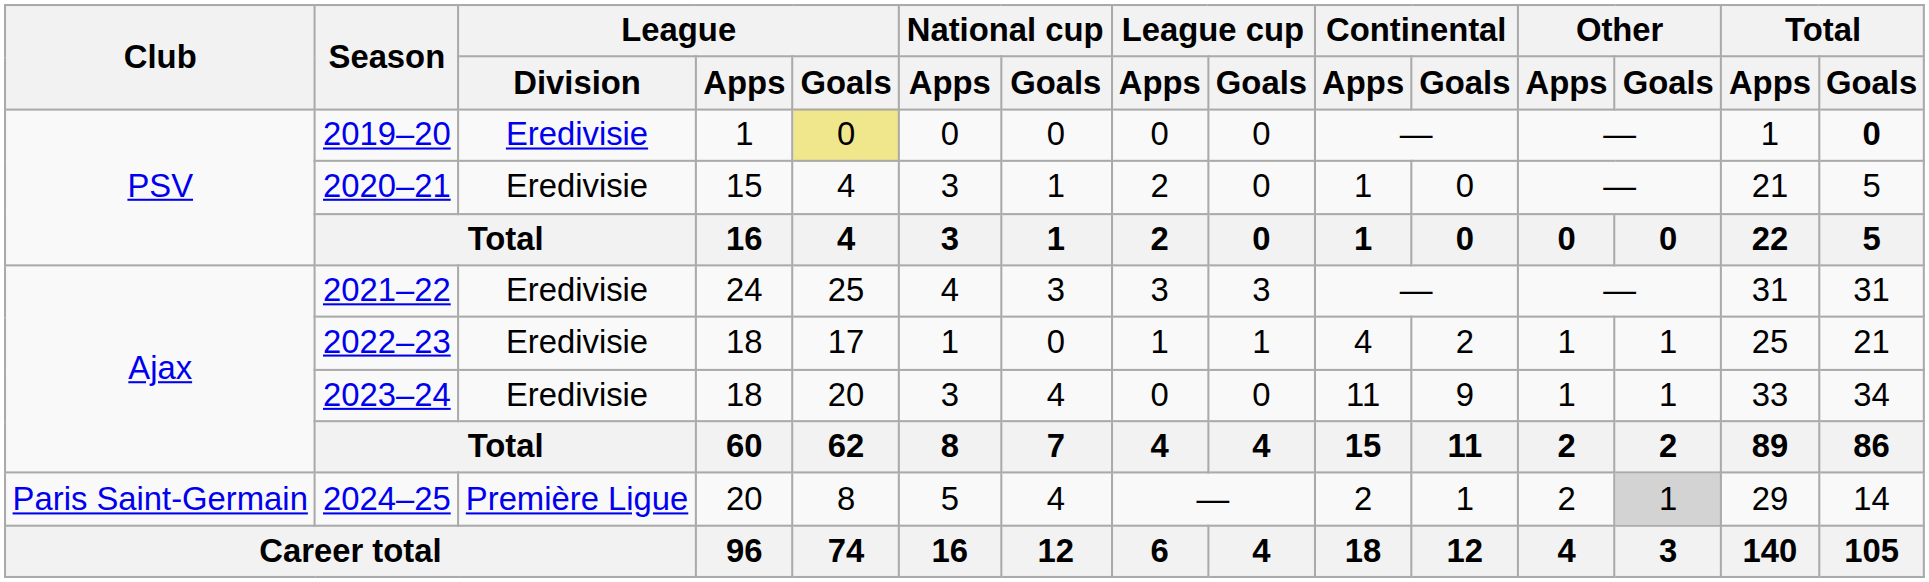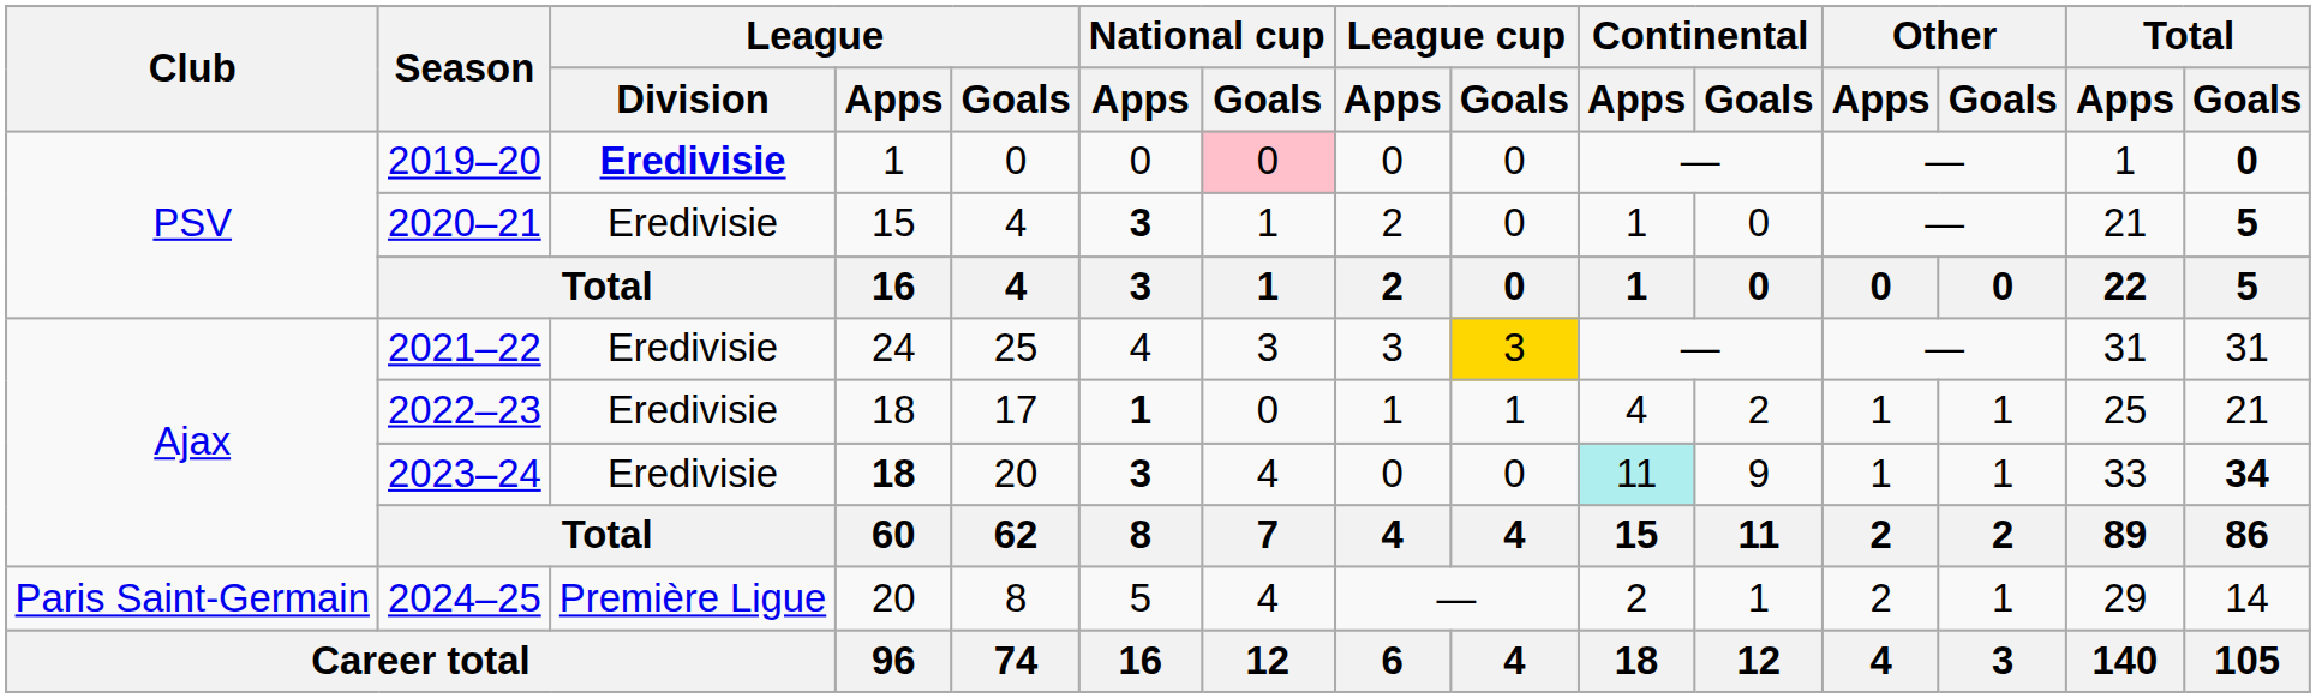 <table class="wikitable" Style="text-align: center">
 <tr>
 <th rowspan="2">Club</th>
 <th rowspan="2">Season</th>
 <th colspan="3">League</th>
 <th colspan="2">National cup</th>
 <th colspan="2">League cup</th>
 <th colspan="2">Continental</th>
 <th colspan="2">Other</th>
 <th colspan="2">Total</th>
 </tr>
 <tr>
 <th>Division</th>
 <th>Apps</th>
 <th>Goals</th>
 <th>Apps</th>
 <th>Goals</th>
 <th>Apps</th>
 <th>Goals</th>
 <th>Apps</th>
 <th>Goals</th>
 <th>Apps</th>
 <th>Goals</th>
 <th>Apps</th>
 <th>Goals</th>
 </tr>
 <tr>
 <td rowspan="3"><a href='#'>PSV</a></td>
 <td><a href='#'>2019–20</a></td>
-<td><a href='#'>Eredivisie</a></td>
+<td><strong><a href='#'>Eredivisie</a></strong></td>
 <td>1</td>
-<td style="background: khaki;">0</td>
 <td>0</td>
 <td>0</td>
+<td style="background: pink;">0</td>
 <td>0</td>
 <td>0</td>
 <td colspan="2">—</td>
 <td colspan="2">—</td>
 <td>1</td>
 <td><strong>0</strong></td>
 </tr>
 <tr>
 <td><a href='#'>2020–21</a></td>
 <td>Eredivisie</td>
 <td>15</td>
 <td>4</td>
-<td>3</td>
+<td><strong>3</strong></td>
 <td>1</td>
 <td>2</td>
 <td>0</td>
 <td>1</td>
 <td>0</td>
 <td colspan="2">—</td>
 <td>21</td>
-<td>5</td>
+<td><strong>5</strong></td>
 </tr>
 <tr>
 <th colspan="2">Total</th>
 <th>16</th>
 <th>4</th>
 <th>3</th>
 <th>1</th>
 <th>2</th>
 <th>0</th>
 <th>1</th>
 <th>0</th>
 <th>0</th>
 <th>0</th>
 <th>22</th>
 <th>5</th>
 </tr>
 <tr>
 <td rowspan="4"><a href='#'>Ajax</a></td>
 <td><a href='#'>2021–22</a></td>
 <td>Eredivisie</td>
 <td>24</td>
 <td>25</td>
 <td>4</td>
 <td>3</td>
 <td>3</td>
-<td>3</td>
+<td style="background: gold;">3</td>
 <td colspan="2">—</td>
 <td colspan="2">—</td>
 <td>31</td>
 <td>31</td>
 </tr>
 <tr>
 <td><a href='#'>2022–23</a></td>
 <td>Eredivisie</td>
 <td>18</td>
 <td>17</td>
-<td>1</td>
+<td><strong>1</strong></td>
 <td>0</td>
 <td>1</td>
 <td>1</td>
 <td>4</td>
 <td>2</td>
 <td>1</td>
 <td>1</td>
 <td>25</td>
 <td>21</td>
 </tr>
 <tr>
 <td><a href='#'>2023–24</a></td>
 <td>Eredivisie</td>
-<td>18</td>
+<td><strong>18</strong></td>
 <td>20</td>
-<td>3</td>
+<td><strong>3</strong></td>
 <td>4</td>
 <td>0</td>
 <td>0</td>
-<td>11</td>
+<td style="background: paleturquoise;">11</td>
 <td>9</td>
 <td>1</td>
 <td>1</td>
 <td>33</td>
-<td>34</td>
+<td><strong>34</strong></td>
 </tr>
 <tr>
 <th colspan="2">Total</th>
 <th>60</th>
 <th>62</th>
 <th>8</th>
 <th>7</th>
 <th>4</th>
 <th>4</th>
 <th>15</th>
 <th>11</th>
 <th>2</th>
 <th>2</th>
 <th>89</th>
 <th>86</th>
 </tr>
 <tr>
 <td rowspan="1"><a href='#'>Paris Saint-Germain</a></td>
 <td><a href='#'>2024–25</a></td>
 <td><a href='#'>Première Ligue</a></td>
 <td>20</td>
 <td>8</td>
 <td>5</td>
 <td>4</td>
 <td colspan="2">—</td>
 <td>2</td>
 <td>1</td>
 <td>2</td>
-<td style="background: lightgrey;">1</td>
+<td>1</td>
 <td>29</td>
 <td>14</td>
 </tr>
 <tr>
 <th colspan="3">Career total</th>
 <th>96</th>
 <th>74</th>
 <th>16</th>
 <th>12</th>
 <th>6</th>
 <th>4</th>
 <th>18</th>
 <th>12</th>
 <th>4</th>
 <th>3</th>
 <th>140</th>
 <th>105</th>
 </tr>
 </table>
